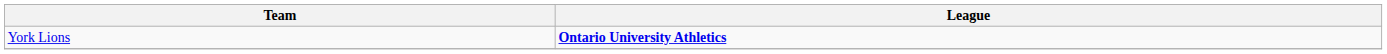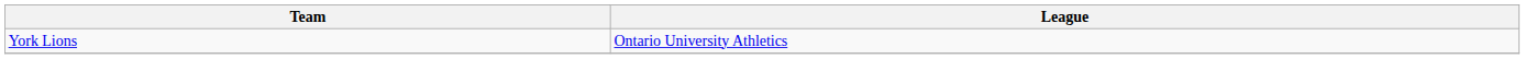 <table class="wikitable sortable" width=100%>
 <tr>
 <th width=40%>Team</th>
 <th width=60%>League</th>
 </tr>
 <tr>
 <td><a href='#'>York Lions</a></td>
-<td><strong><a href='#'>Ontario University Athletics</a></strong></td>
+<td><a href='#'>Ontario University Athletics</a></td>
 </tr>
 <tr>
 </tr>
 </table>
